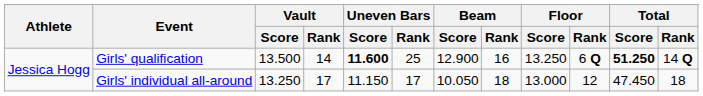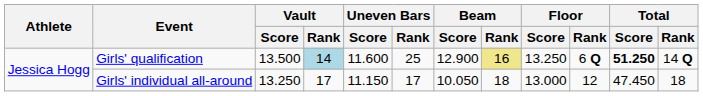 <table class="wikitable" border="1" style="font-size:90%">
 <tr>
 <th rowspan=2>Athlete</th>
 <th rowspan=2>Event</th>
 <th colspan=2>Vault</th>
 <th colspan=2>Uneven Bars</th>
 <th colspan=2>Beam</th>
 <th colspan=2>Floor</th>
 <th colspan=2>Total</th>
 </tr>
 <tr>
 <th>Score</th>
 <th>Rank</th>
 <th>Score</th>
 <th>Rank</th>
 <th>Score</th>
 <th>Rank</th>
 <th>Score</th>
 <th>Rank</th>
 <th>Score</th>
 <th>Rank</th>
 </tr>
 <tr>
 <td rowspan=2><a href='#'>Jessica Hogg</a></td>
 <td><a href='#'>Girls' qualification</a></td>
 <td align=center>13.500</td>
-<td align=center>14</td>
-<td align=center><strong>11.600</strong></td>
+<td align=center style="background: lightblue;">14</td>
+<td align=center>11.600</td>
 <td align=center>25</td>
 <td align=center>12.900</td>
-<td align=center>16</td>
+<td align=center style="background: khaki;">16</td>
 <td align=center>13.250</td>
 <td align=center>6 <strong>Q</strong></td>
 <td align=center><strong>51.250</strong></td>
 <td align=center>14 <strong>Q</strong></td>
 </tr>
 <tr>
 <td><a href='#'>Girls' individual all-around</a></td>
 <td align=center>13.250</td>
 <td align=center>17</td>
 <td align=center>11.150</td>
 <td align=center>17</td>
 <td align=center>10.050</td>
 <td align=center>18</td>
 <td align=center>13.000</td>
 <td align=center>12</td>
 <td align=center>47.450</td>
 <td align=center>18</td>
 </tr>
 </table>
